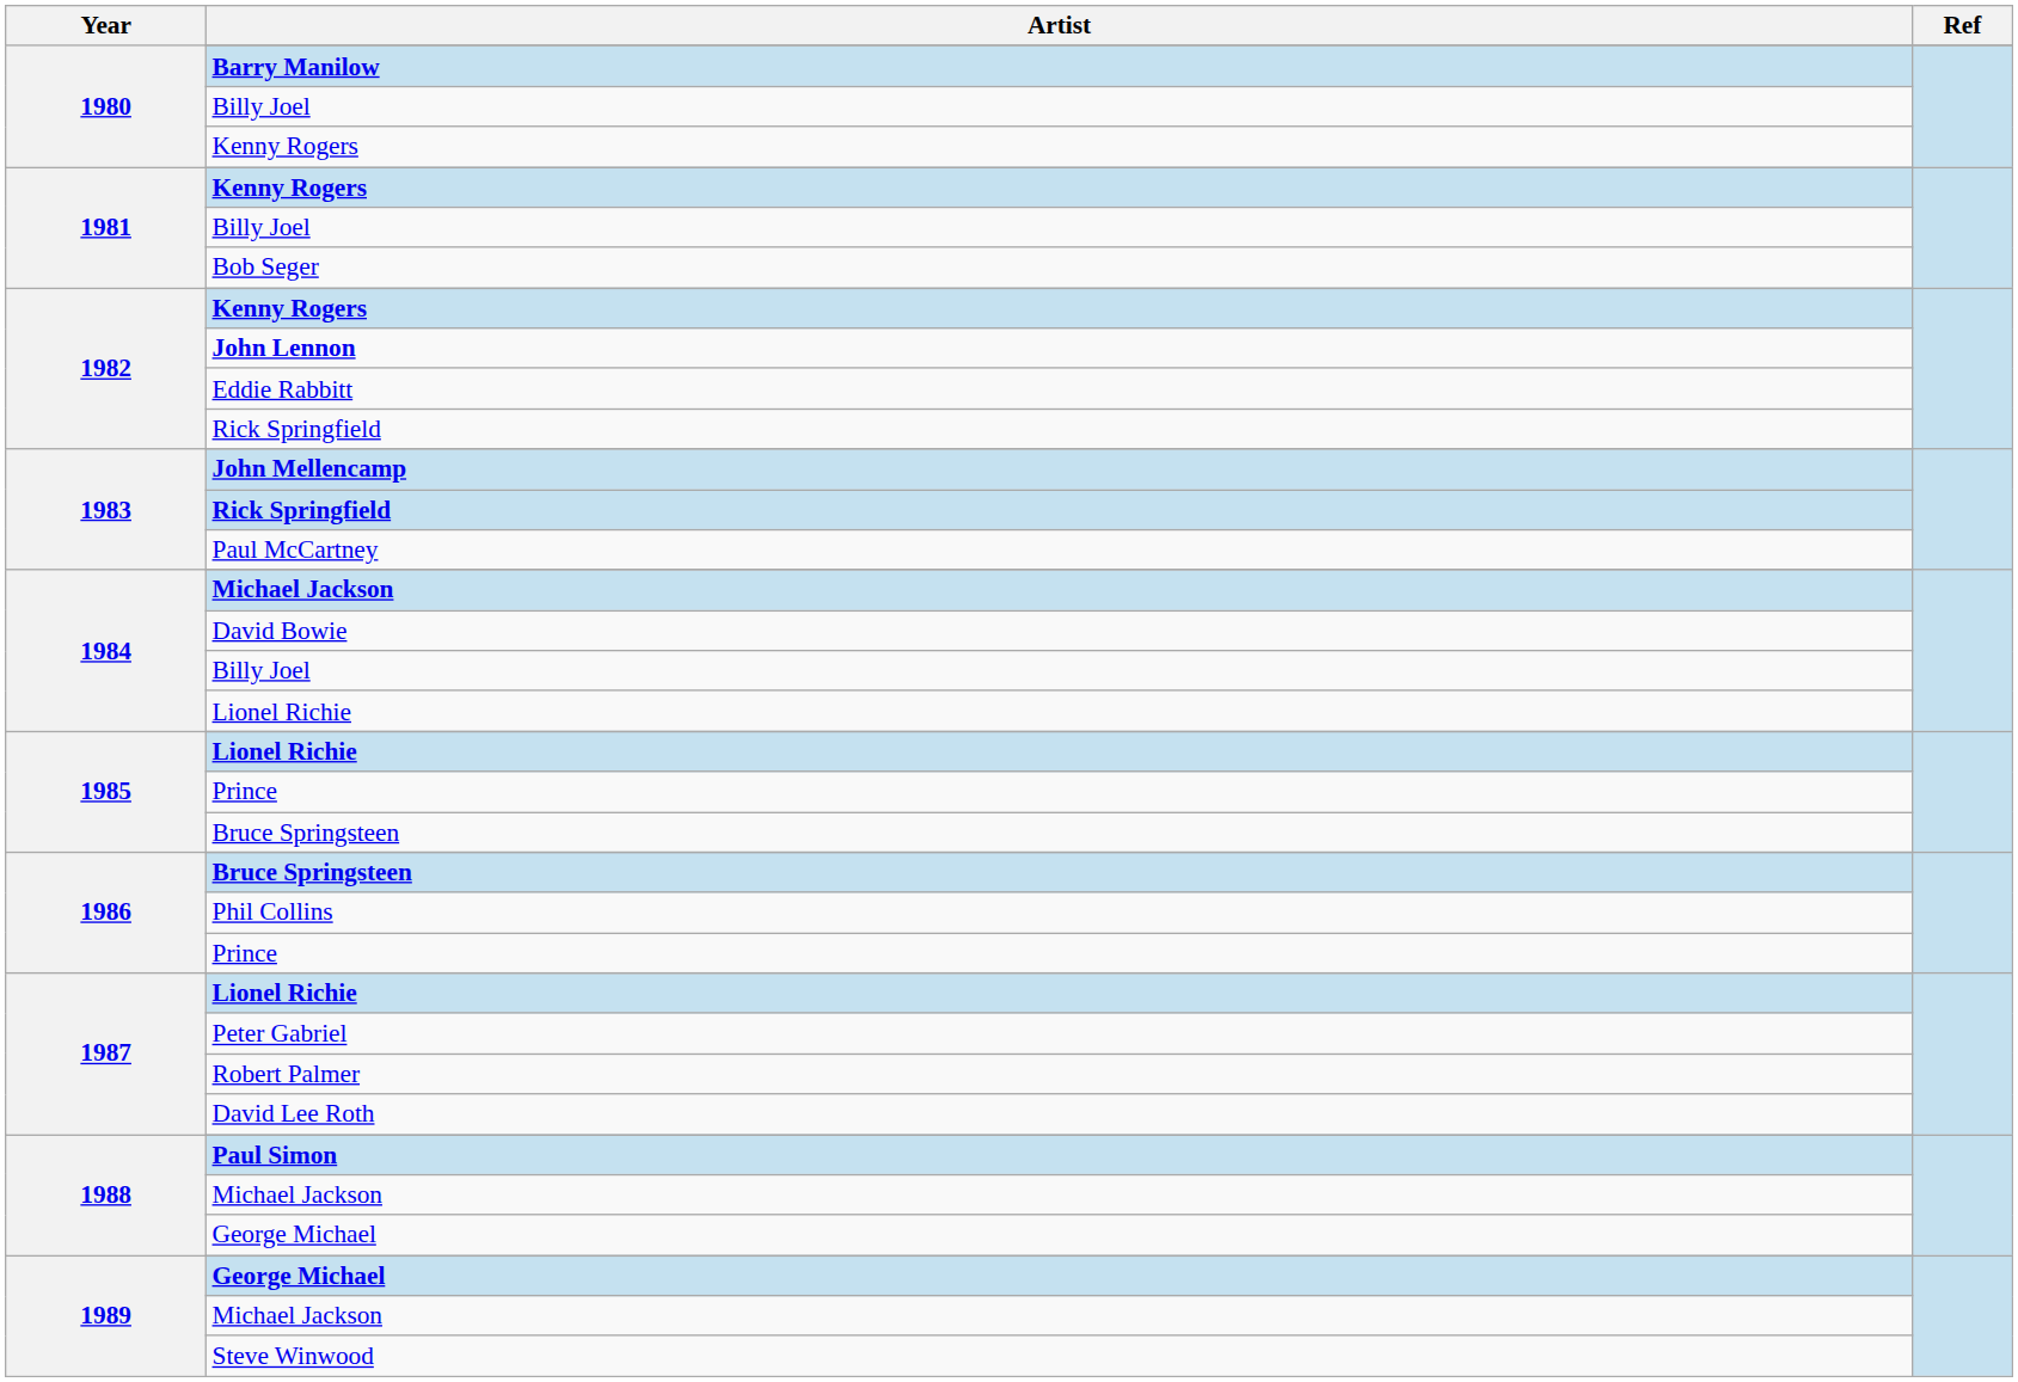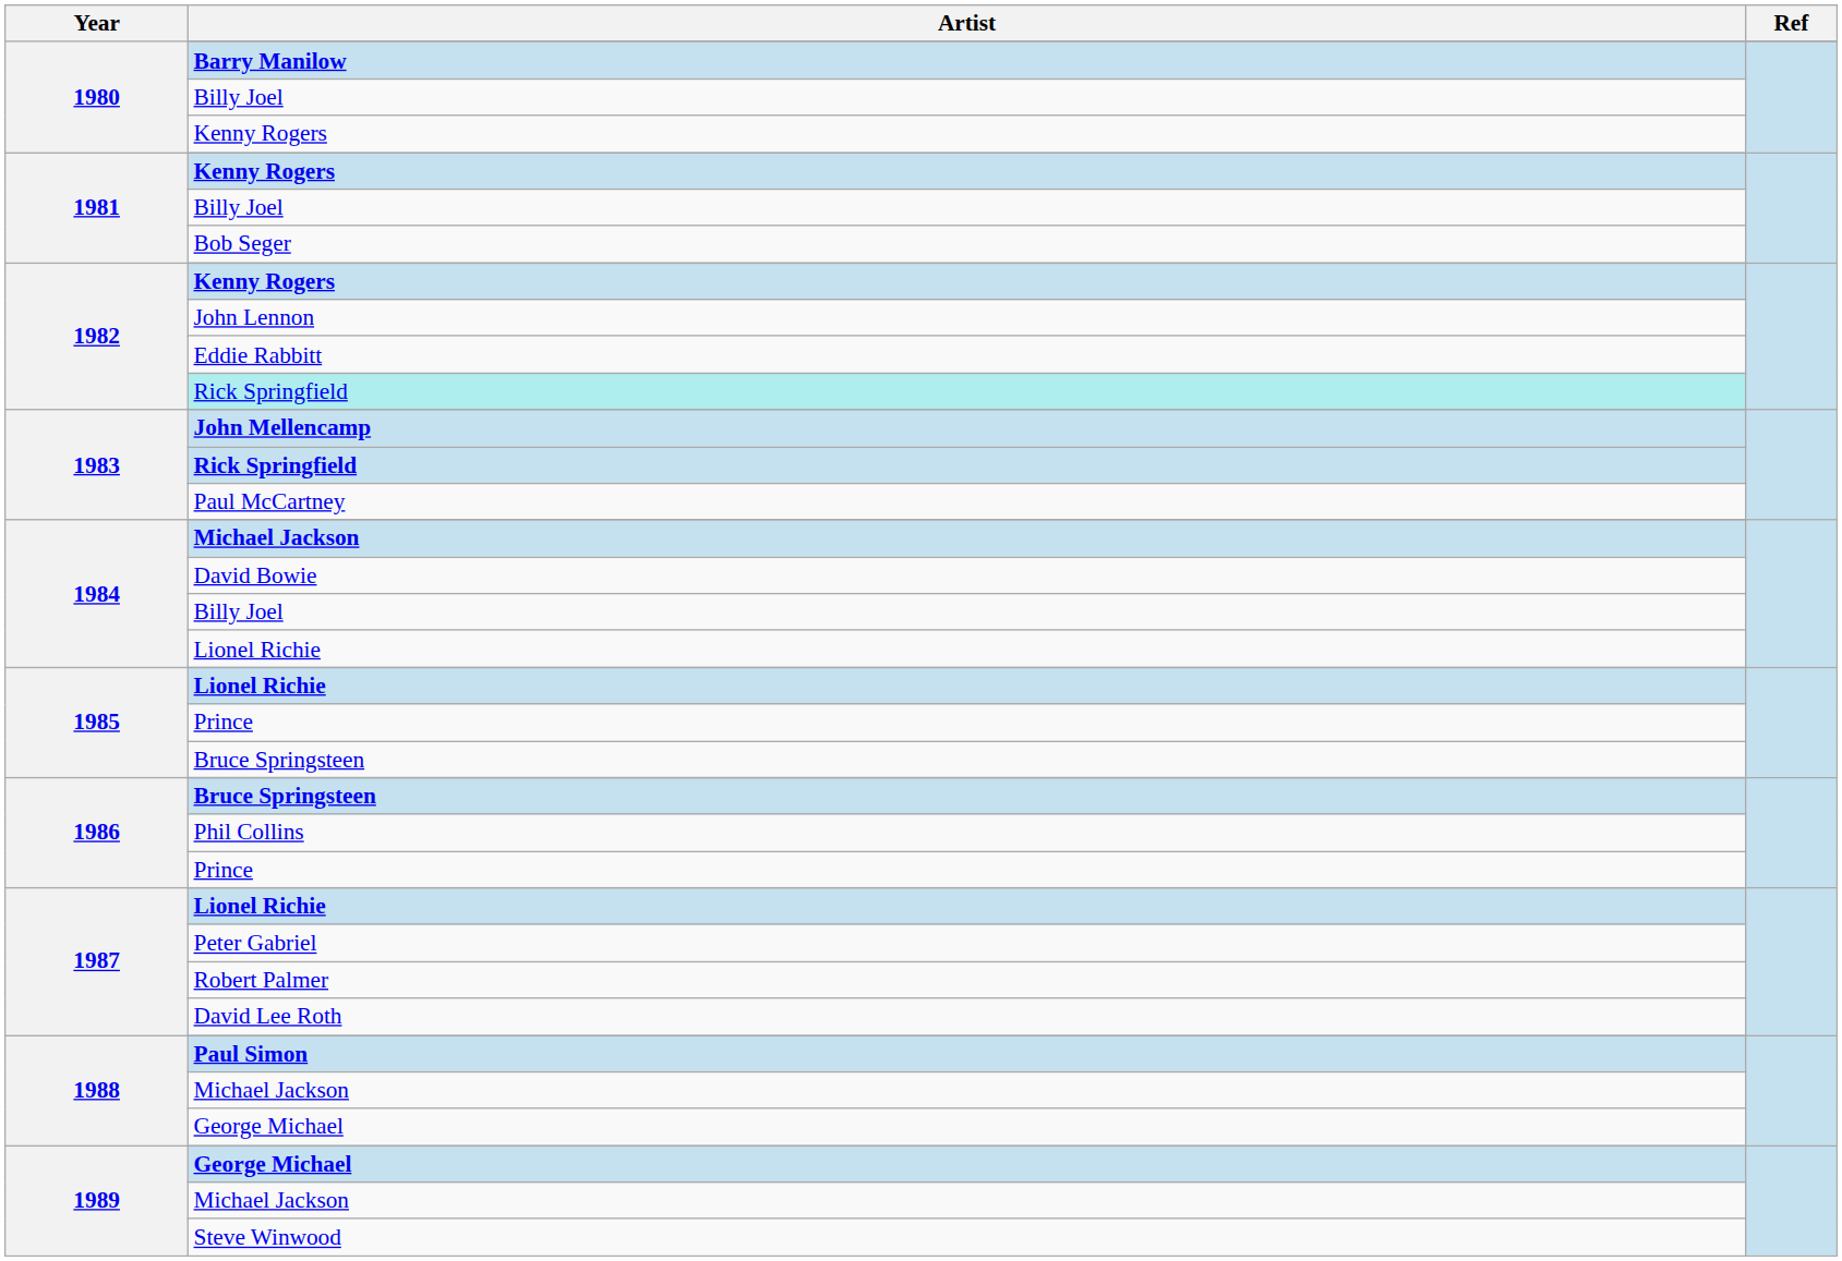 <table class="wikitable" width="100%">
 <tr>
 <th width="10%">Year</th>
 <th width="85%">Artist</th>
 <th width="5%">Ref</th>
 </tr>
 <tr>
 <th rowspan="4" align="center"><a href='#'>1980<br></a></th>
 </tr>
 <tr style="background:#c5e1f0">
 <td><strong><a href='#'>Barry Manilow</a></strong></td>
 <td rowspan="4" align="center"></td>
 </tr>
 <tr>
 <td><a href='#'>Billy Joel</a></td>
 </tr>
 <tr>
 <td><a href='#'>Kenny Rogers</a></td>
 </tr>
 <tr>
 <th rowspan="4" align="center"><a href='#'>1981<br></a></th>
 </tr>
 <tr style="background:#c5e1f0">
 <td><strong><a href='#'>Kenny Rogers</a></strong></td>
 <td rowspan="4" align="center"></td>
 </tr>
 <tr>
 <td><a href='#'>Billy Joel</a></td>
 </tr>
 <tr>
 <td><a href='#'>Bob Seger</a></td>
 </tr>
 <tr>
 <th rowspan="5" align="center"><a href='#'>1982<br></a></th>
 </tr>
 <tr style="background:#c5e1f0">
 <td><strong><a href='#'>Kenny Rogers</a></strong></td>
 <td rowspan="5" align="center"></td>
 </tr>
 <tr>
-<td><strong><a href='#'>John Lennon</a></strong></td>
+<td><a href='#'>John Lennon</a></td>
 </tr>
 <tr>
 <td><a href='#'>Eddie Rabbitt</a></td>
 </tr>
 <tr>
-<td><a href='#'>Rick Springfield</a></td>
+<td style="background: paleturquoise;"><a href='#'>Rick Springfield</a></td>
 </tr>
 <tr>
 <th rowspan="4" align="center"><a href='#'>1983<br></a></th>
 </tr>
 <tr style="background:#c5e1f0">
 <td><strong><a href='#'>John Mellencamp</a></strong></td>
 <td rowspan="4" align="center"></td>
 </tr>
 <tr style="background:#c5e1f0">
 <td><strong><a href='#'>Rick Springfield</a></strong></td>
 </tr>
 <tr>
 <td><a href='#'>Paul McCartney</a></td>
 </tr>
 <tr>
 <th rowspan="5" align="center"><a href='#'>1984<br></a></th>
 </tr>
 <tr style="background:#c5e1f0">
 <td><strong><a href='#'>Michael Jackson</a></strong></td>
 <td rowspan="5" align="center"></td>
 </tr>
 <tr>
 <td><a href='#'>David Bowie</a></td>
 </tr>
 <tr>
 <td><a href='#'>Billy Joel</a></td>
 </tr>
 <tr>
 <td><a href='#'>Lionel Richie</a></td>
 </tr>
 <tr>
 <th rowspan="4" align="center"><a href='#'>1985<br></a></th>
 </tr>
 <tr style="background:#c5e1f0">
 <td><strong><a href='#'>Lionel Richie</a></strong></td>
 <td rowspan="4" align="center"></td>
 </tr>
 <tr>
 <td><a href='#'>Prince</a></td>
 </tr>
 <tr>
 <td><a href='#'>Bruce Springsteen</a></td>
 </tr>
 <tr>
 <th rowspan="4" align="center"><a href='#'>1986<br></a></th>
 </tr>
 <tr style="background:#c5e1f0">
 <td><strong><a href='#'>Bruce Springsteen</a></strong></td>
 <td rowspan="4" align="center"></td>
 </tr>
 <tr>
 <td><a href='#'>Phil Collins</a></td>
 </tr>
 <tr>
 <td><a href='#'>Prince</a></td>
 </tr>
 <tr>
 <th rowspan="5" align="center"><a href='#'>1987<br></a></th>
 </tr>
 <tr style="background:#c5e1f0">
 <td><strong><a href='#'>Lionel Richie</a></strong></td>
 <td rowspan="5" align="center"></td>
 </tr>
 <tr>
 <td><a href='#'>Peter Gabriel</a></td>
 </tr>
 <tr>
 <td><a href='#'>Robert Palmer</a></td>
 </tr>
 <tr>
 <td><a href='#'>David Lee Roth</a></td>
 </tr>
 <tr>
 <th rowspan="4" align="center"><a href='#'>1988<br></a></th>
 </tr>
 <tr style="background:#c5e1f0">
 <td><strong><a href='#'>Paul Simon</a></strong></td>
 <td rowspan="4" align="center"></td>
 </tr>
 <tr>
 <td><a href='#'>Michael Jackson</a></td>
 </tr>
 <tr>
 <td><a href='#'>George Michael</a></td>
 </tr>
 <tr>
 <th rowspan="4" align="center"><a href='#'>1989<br></a></th>
 </tr>
 <tr style="background:#c5e1f0">
 <td><strong><a href='#'>George Michael</a></strong></td>
 <td rowspan="4" align="center"></td>
 </tr>
 <tr>
 <td><a href='#'>Michael Jackson</a></td>
 </tr>
 <tr>
 <td><a href='#'>Steve Winwood</a></td>
 </tr>
 </table>
